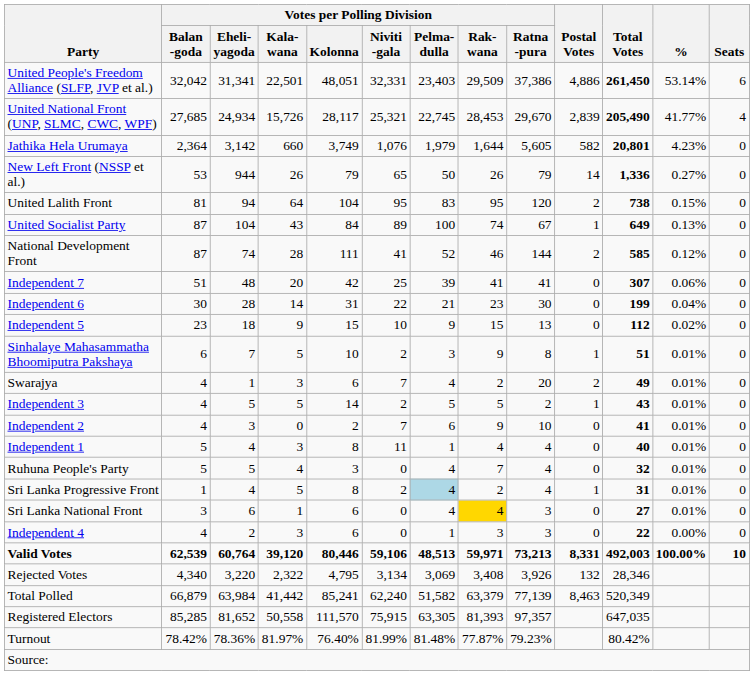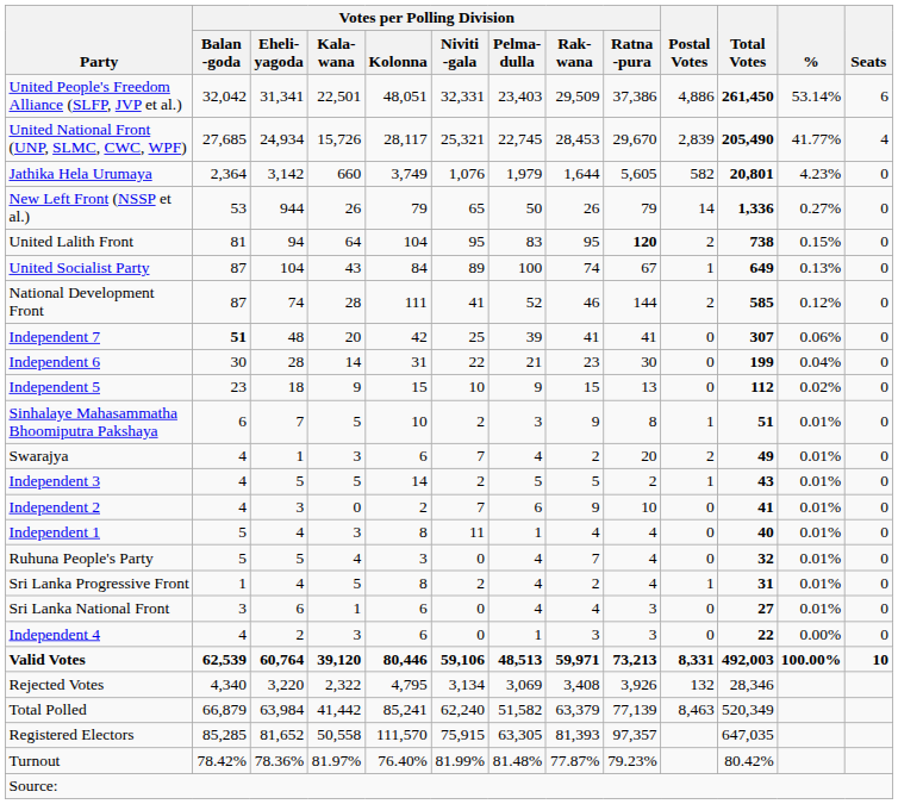 <table class="wikitable" border="1" style="text-align:right;">
 <tr>
 <th align=left valign=bottom rowspan=2 width="180">Party</th>
 <th colspan=8>Votes per Polling Division</th>
 <th align=center valign=bottom rowspan=2 width="50">Postal<br>Votes</th>
 <th align=center valign=bottom rowspan=2 width="50">Total Votes</th>
 <th align=center valign=bottom rowspan=2 width="50">%</th>
 <th align=center valign=bottom rowspan=2 width="40">Seats</th>
 </tr>
 <tr>
 <th align=center valign=bottom width="50">Balan<br>-goda</th>
 <th align=center valign=bottom width="50">Eheli-<br>yagoda</th>
 <th align=center valign=bottom width="50">Kala-<br>wana</th>
 <th align=center valign=bottom width="50">Kolonna</th>
 <th align=center valign=bottom width="50">Niviti<br>-gala</th>
 <th align=center valign=bottom width="50">Pelma-<br>dulla</th>
 <th align=center valign=bottom width="50">Rak-<br>wana</th>
 <th align=center valign=bottom width="50">Ratna<br>-pura</th>
 </tr>
 <tr>
 <td align=left><a href='#'>United People's Freedom Alliance</a> (<a href='#'>SLFP</a>, <a href='#'>JVP</a> et al.)</td>
 <td>32,042</td>
 <td>31,341</td>
 <td>22,501</td>
 <td>48,051</td>
 <td>32,331</td>
 <td>23,403</td>
 <td>29,509</td>
 <td>37,386</td>
 <td>4,886</td>
 <td><strong>261,450</strong></td>
 <td>53.14%</td>
 <td>6</td>
 </tr>
 <tr>
 <td align=left><a href='#'>United National Front</a><br>(<a href='#'>UNP</a>, <a href='#'>SLMC</a>, <a href='#'>CWC</a>, <a href='#'>WPF</a>)</td>
 <td>27,685</td>
 <td>24,934</td>
 <td>15,726</td>
 <td>28,117</td>
 <td>25,321</td>
 <td>22,745</td>
 <td>28,453</td>
 <td>29,670</td>
 <td>2,839</td>
 <td><strong>205,490</strong></td>
 <td>41.77%</td>
 <td>4</td>
 </tr>
 <tr>
 <td align=left><a href='#'>Jathika Hela Urumaya</a></td>
 <td>2,364</td>
 <td>3,142</td>
 <td>660</td>
 <td>3,749</td>
 <td>1,076</td>
 <td>1,979</td>
 <td>1,644</td>
 <td>5,605</td>
 <td>582</td>
 <td><strong>20,801</strong></td>
 <td>4.23%</td>
 <td>0</td>
 </tr>
 <tr>
 <td align=left><a href='#'>New Left Front</a> (<a href='#'>NSSP</a> et al.)</td>
 <td>53</td>
 <td>944</td>
 <td>26</td>
 <td>79</td>
 <td>65</td>
 <td>50</td>
 <td>26</td>
 <td>79</td>
 <td>14</td>
 <td><strong>1,336</strong></td>
 <td>0.27%</td>
 <td>0</td>
 </tr>
 <tr>
 <td align=left>United Lalith Front</td>
 <td>81</td>
 <td>94</td>
 <td>64</td>
 <td>104</td>
 <td>95</td>
 <td>83</td>
 <td>95</td>
-<td>120</td>
+<td><strong>120</strong></td>
 <td>2</td>
 <td><strong>738</strong></td>
 <td>0.15%</td>
 <td>0</td>
 </tr>
 <tr>
 <td align=left><a href='#'>United Socialist Party</a></td>
 <td>87</td>
 <td>104</td>
 <td>43</td>
 <td>84</td>
 <td>89</td>
 <td>100</td>
 <td>74</td>
 <td>67</td>
 <td>1</td>
 <td><strong>649</strong></td>
 <td>0.13%</td>
 <td>0</td>
 </tr>
 <tr>
 <td align=left>National Development Front</td>
 <td>87</td>
 <td>74</td>
 <td>28</td>
 <td>111</td>
 <td>41</td>
 <td>52</td>
 <td>46</td>
 <td>144</td>
 <td>2</td>
 <td><strong>585</strong></td>
 <td>0.12%</td>
 <td>0</td>
 </tr>
 <tr>
 <td align=left><a href='#'>Independent 7</a></td>
-<td>51</td>
+<td><strong>51</strong></td>
 <td>48</td>
 <td>20</td>
 <td>42</td>
 <td>25</td>
 <td>39</td>
 <td>41</td>
 <td>41</td>
 <td>0</td>
 <td><strong>307</strong></td>
 <td>0.06%</td>
 <td>0</td>
 </tr>
 <tr>
 <td align=left><a href='#'>Independent 6</a></td>
 <td>30</td>
 <td>28</td>
 <td>14</td>
 <td>31</td>
 <td>22</td>
 <td>21</td>
 <td>23</td>
 <td>30</td>
 <td>0</td>
 <td><strong>199</strong></td>
 <td>0.04%</td>
 <td>0</td>
 </tr>
 <tr>
 <td align=left><a href='#'>Independent 5</a></td>
 <td>23</td>
 <td>18</td>
 <td>9</td>
 <td>15</td>
 <td>10</td>
 <td>9</td>
 <td>15</td>
 <td>13</td>
 <td>0</td>
 <td><strong>112</strong></td>
 <td>0.02%</td>
 <td>0</td>
 </tr>
 <tr>
 <td align=left><a href='#'>Sinhalaye Mahasammatha Bhoomiputra Pakshaya</a></td>
 <td>6</td>
 <td>7</td>
 <td>5</td>
 <td>10</td>
 <td>2</td>
 <td>3</td>
 <td>9</td>
 <td>8</td>
 <td>1</td>
 <td><strong>51</strong></td>
 <td>0.01%</td>
 <td>0</td>
 </tr>
 <tr>
 <td align=left>Swarajya</td>
 <td>4</td>
 <td>1</td>
 <td>3</td>
 <td>6</td>
 <td>7</td>
 <td>4</td>
 <td>2</td>
 <td>20</td>
 <td>2</td>
 <td><strong>49</strong></td>
 <td>0.01%</td>
 <td>0</td>
 </tr>
 <tr>
 <td align=left><a href='#'>Independent 3</a></td>
 <td>4</td>
 <td>5</td>
 <td>5</td>
 <td>14</td>
 <td>2</td>
 <td>5</td>
 <td>5</td>
 <td>2</td>
 <td>1</td>
 <td><strong>43</strong></td>
 <td>0.01%</td>
 <td>0</td>
 </tr>
 <tr>
 <td align=left><a href='#'>Independent 2</a></td>
 <td>4</td>
 <td>3</td>
 <td>0</td>
 <td>2</td>
 <td>7</td>
 <td>6</td>
 <td>9</td>
 <td>10</td>
 <td>0</td>
 <td><strong>41</strong></td>
 <td>0.01%</td>
 <td>0</td>
 </tr>
 <tr>
 <td align=left><a href='#'>Independent 1</a></td>
 <td>5</td>
 <td>4</td>
 <td>3</td>
 <td>8</td>
 <td>11</td>
 <td>1</td>
 <td>4</td>
 <td>4</td>
 <td>0</td>
 <td><strong>40</strong></td>
 <td>0.01%</td>
 <td>0</td>
 </tr>
 <tr>
 <td align=left>Ruhuna People's Party</td>
 <td>5</td>
 <td>5</td>
 <td>4</td>
 <td>3</td>
 <td>0</td>
 <td>4</td>
 <td>7</td>
 <td>4</td>
 <td>0</td>
 <td><strong>32</strong></td>
 <td>0.01%</td>
 <td>0</td>
 </tr>
 <tr>
 <td align=left>Sri Lanka Progressive Front</td>
 <td>1</td>
 <td>4</td>
 <td>5</td>
 <td>8</td>
 <td>2</td>
-<td style="background: lightblue;">4</td>
+<td>4</td>
 <td>2</td>
 <td>4</td>
 <td>1</td>
 <td><strong>31</strong></td>
 <td>0.01%</td>
 <td>0</td>
 </tr>
 <tr>
 <td align=left>Sri Lanka National Front</td>
 <td>3</td>
 <td>6</td>
 <td>1</td>
 <td>6</td>
 <td>0</td>
 <td>4</td>
-<td style="background: gold;">4</td>
+<td>4</td>
 <td>3</td>
 <td>0</td>
 <td><strong>27</strong></td>
 <td>0.01%</td>
 <td>0</td>
 </tr>
 <tr>
 <td align=left><a href='#'>Independent 4</a></td>
 <td>4</td>
 <td>2</td>
 <td>3</td>
 <td>6</td>
 <td>0</td>
 <td>1</td>
 <td>3</td>
 <td>3</td>
 <td>0</td>
 <td><strong>22</strong></td>
 <td>0.00%</td>
 <td>0</td>
 </tr>
 <tr>
 <td align=left><strong>Valid Votes</strong></td>
 <td><strong>62,539</strong></td>
 <td><strong>60,764</strong></td>
 <td><strong>39,120</strong></td>
 <td><strong>80,446</strong></td>
 <td><strong>59,106</strong></td>
 <td><strong>48,513</strong></td>
 <td><strong>59,971</strong></td>
 <td><strong>73,213</strong></td>
 <td><strong>8,331</strong></td>
 <td><strong>492,003</strong></td>
 <td><strong>100.00%</strong></td>
 <td><strong>10</strong></td>
 </tr>
 <tr>
 <td align=left>Rejected Votes</td>
 <td>4,340</td>
 <td>3,220</td>
 <td>2,322</td>
 <td>4,795</td>
 <td>3,134</td>
 <td>3,069</td>
 <td>3,408</td>
 <td>3,926</td>
 <td>132</td>
 <td>28,346</td>
 <td></td>
 <td></td>
 </tr>
 <tr>
 <td align=left>Total Polled</td>
 <td>66,879</td>
 <td>63,984</td>
 <td>41,442</td>
 <td>85,241</td>
 <td>62,240</td>
 <td>51,582</td>
 <td>63,379</td>
 <td>77,139</td>
 <td>8,463</td>
 <td>520,349</td>
 <td></td>
 <td></td>
 </tr>
 <tr>
 <td align=left>Registered Electors</td>
 <td>85,285</td>
 <td>81,652</td>
 <td>50,558</td>
 <td>111,570</td>
 <td>75,915</td>
 <td>63,305</td>
 <td>81,393</td>
 <td>97,357</td>
 <td></td>
 <td>647,035</td>
 <td></td>
 <td></td>
 </tr>
 <tr>
 <td align=left>Turnout</td>
 <td>78.42%</td>
 <td>78.36%</td>
 <td>81.97%</td>
 <td>76.40%</td>
 <td>81.99%</td>
 <td>81.48%</td>
 <td>77.87%</td>
 <td>79.23%</td>
 <td></td>
 <td>80.42%</td>
 <td></td>
 <td></td>
 </tr>
 <tr>
 <td align=left colspan=14>Source:</td>
 </tr>
 </table>
